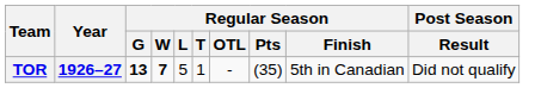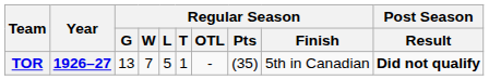 <table class="wikitable" style="font-size: 95%; text-align:center;">
 <tr>
 <th rowspan="2">Team</th>
 <th rowspan="2">Year</th>
 <th colspan="7">Regular Season</th>
 <th colspan="1">Post Season</th>
 </tr>
 <tr>
 <th>G</th>
 <th>W</th>
 <th>L</th>
 <th>T</th>
 <th>OTL</th>
 <th>Pts</th>
 <th>Finish</th>
 <th>Result</th>
 </tr>
 <tr>
 <th><a href='#'>TOR</a></th>
 <th><a href='#'>1926–27</a></th>
-<td><strong>13</strong></td>
-<td><strong>7</strong></td>
+<td>13</td>
+<td>7</td>
 <td>5</td>
 <td>1</td>
 <td>-</td>
 <td>(35)</td>
 <td>5th in Canadian</td>
-<td>Did not qualify</td>
+<td><strong>Did not qualify</strong></td>
 </tr>
 </table>
